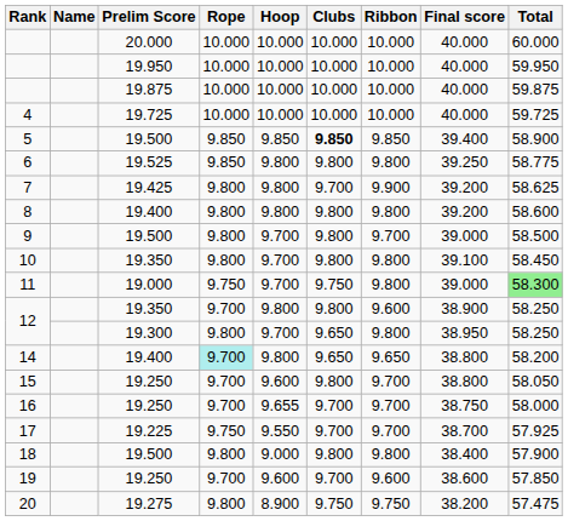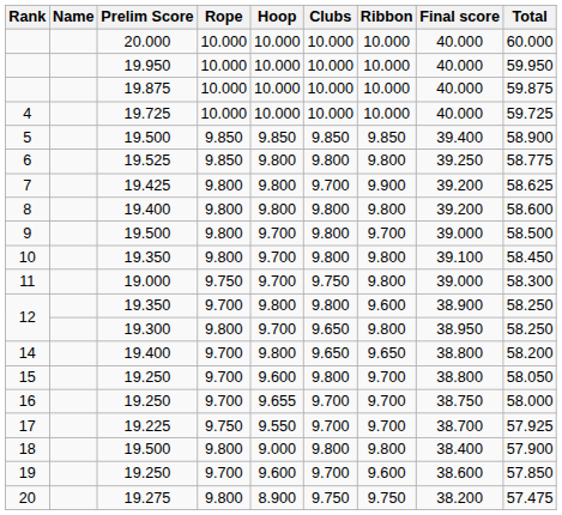 <table class="wikitable" style="text-align:center">
 <tr>
 <th>Rank</th>
 <th>Name</th>
 <th>Prelim Score</th>
 <th>Rope</th>
 <th>Hoop</th>
 <th>Clubs</th>
 <th>Ribbon</th>
 <th>Final score</th>
 <th>Total</th>
 </tr>
 <tr>
 <td></td>
 <td align=left></td>
 <td>20.000</td>
 <td>10.000</td>
 <td>10.000</td>
 <td>10.000</td>
 <td>10.000</td>
 <td>40.000</td>
 <td>60.000</td>
 </tr>
 <tr>
 <td></td>
 <td align=left></td>
 <td>19.950</td>
 <td>10.000</td>
 <td>10.000</td>
 <td>10.000</td>
 <td>10.000</td>
 <td>40.000</td>
 <td>59.950</td>
 </tr>
 <tr>
 <td></td>
 <td align=left></td>
 <td>19.875</td>
 <td>10.000</td>
 <td>10.000</td>
 <td>10.000</td>
 <td>10.000</td>
 <td>40.000</td>
 <td>59.875</td>
 </tr>
 <tr>
 <td>4</td>
 <td align=left></td>
 <td>19.725</td>
 <td>10.000</td>
 <td>10.000</td>
 <td>10.000</td>
 <td>10.000</td>
 <td>40.000</td>
 <td>59.725</td>
 </tr>
 <tr>
 <td>5</td>
 <td align=left></td>
 <td>19.500</td>
 <td>9.850</td>
 <td>9.850</td>
-<td><strong>9.850</strong></td>
+<td>9.850</td>
 <td>9.850</td>
 <td>39.400</td>
 <td>58.900</td>
 </tr>
 <tr>
 <td>6</td>
 <td align=left></td>
 <td>19.525</td>
 <td>9.850</td>
 <td>9.800</td>
 <td>9.800</td>
 <td>9.800</td>
 <td>39.250</td>
 <td>58.775</td>
 </tr>
 <tr>
 <td>7</td>
 <td align=left></td>
 <td>19.425</td>
 <td>9.800</td>
 <td>9.800</td>
 <td>9.700</td>
 <td>9.900</td>
 <td>39.200</td>
 <td>58.625</td>
 </tr>
 <tr>
 <td>8</td>
 <td align=left></td>
 <td>19.400</td>
 <td>9.800</td>
 <td>9.800</td>
 <td>9.800</td>
 <td>9.800</td>
 <td>39.200</td>
 <td>58.600</td>
 </tr>
 <tr>
 <td>9</td>
 <td align=left></td>
 <td>19.500</td>
 <td>9.800</td>
 <td>9.700</td>
 <td>9.800</td>
 <td>9.700</td>
 <td>39.000</td>
 <td>58.500</td>
 </tr>
 <tr>
 <td>10</td>
 <td align=left></td>
 <td>19.350</td>
 <td>9.800</td>
 <td>9.700</td>
 <td>9.800</td>
 <td>9.800</td>
 <td>39.100</td>
 <td>58.450</td>
 </tr>
 <tr>
 <td>11</td>
 <td align=left></td>
 <td>19.000</td>
 <td>9.750</td>
 <td>9.700</td>
 <td>9.750</td>
 <td>9.800</td>
 <td>39.000</td>
-<td style="background: lightgreen;">58.300</td>
+<td>58.300</td>
 </tr>
 <tr>
 <td rowspan=2>12</td>
 <td align=left></td>
 <td>19.350</td>
 <td>9.700</td>
 <td>9.800</td>
 <td>9.800</td>
 <td>9.600</td>
 <td>38.900</td>
 <td>58.250</td>
 </tr>
 <tr>
 <td align=left></td>
 <td>19.300</td>
 <td>9.800</td>
 <td>9.700</td>
 <td>9.650</td>
 <td>9.800</td>
 <td>38.950</td>
 <td>58.250</td>
 </tr>
 <tr>
 <td>14</td>
 <td align=left></td>
 <td>19.400</td>
-<td style="background: paleturquoise;">9.700</td>
+<td>9.700</td>
 <td>9.800</td>
 <td>9.650</td>
 <td>9.650</td>
 <td>38.800</td>
 <td>58.200</td>
 </tr>
 <tr>
 <td>15</td>
 <td align=left></td>
 <td>19.250</td>
 <td>9.700</td>
 <td>9.600</td>
 <td>9.800</td>
 <td>9.700</td>
 <td>38.800</td>
 <td>58.050</td>
 </tr>
 <tr>
 <td>16</td>
 <td align=left></td>
 <td>19.250</td>
 <td>9.700</td>
 <td>9.655</td>
 <td>9.700</td>
 <td>9.700</td>
 <td>38.750</td>
 <td>58.000</td>
 </tr>
 <tr>
 <td>17</td>
 <td align=left></td>
 <td>19.225</td>
 <td>9.750</td>
 <td>9.550</td>
 <td>9.700</td>
 <td>9.700</td>
 <td>38.700</td>
 <td>57.925</td>
 </tr>
 <tr>
 <td>18</td>
 <td align=left></td>
 <td>19.500</td>
 <td>9.800</td>
 <td>9.000</td>
 <td>9.800</td>
 <td>9.800</td>
 <td>38.400</td>
 <td>57.900</td>
 </tr>
 <tr>
 <td>19</td>
 <td align=left></td>
 <td>19.250</td>
 <td>9.700</td>
 <td>9.600</td>
 <td>9.700</td>
 <td>9.600</td>
 <td>38.600</td>
 <td>57.850</td>
 </tr>
 <tr>
 <td>20</td>
 <td align=left></td>
 <td>19.275</td>
 <td>9.800</td>
 <td>8.900</td>
 <td>9.750</td>
 <td>9.750</td>
 <td>38.200</td>
 <td>57.475</td>
 </tr>
 </table>
